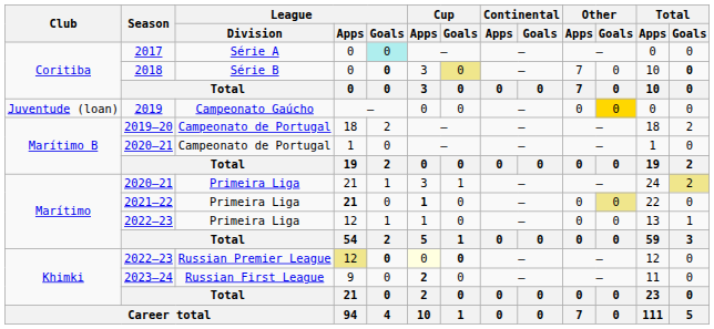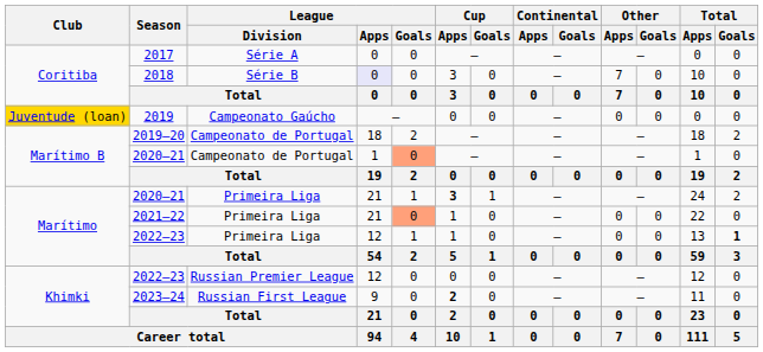 <table class="wikitable" style="text-align: center;">
 <tr>
 <th rowspan=2>Club</th>
 <th rowspan=2>Season</th>
 <th colspan=3>League</th>
 <th colspan=2>Cup</th>
 <th colspan=2>Continental</th>
 <th colspan=2>Other</th>
 <th colspan=2>Total</th>
 </tr>
 <tr>
 <th>Division</th>
 <th>Apps</th>
 <th>Goals</th>
 <th>Apps</th>
 <th>Goals</th>
 <th>Apps</th>
 <th>Goals</th>
 <th>Apps</th>
 <th>Goals</th>
 <th>Apps</th>
 <th>Goals</th>
 </tr>
 <tr>
 <td rowspan="3"><a href='#'>Coritiba</a></td>
 <td><a href='#'>2017</a></td>
 <td><a href='#'>Série A</a></td>
 <td>0</td>
-<td style="background: paleturquoise;">0</td>
+<td>0</td>
 <td colspan=2>–</td>
 <td colspan=2>–</td>
 <td colspan=2>–</td>
 <td>0</td>
 <td>0</td>
 </tr>
 <tr>
 <td><a href='#'>2018</a></td>
 <td><a href='#'>Série B</a></td>
+<td style="background: lavender;">0</td>
 <td>0</td>
-<td><strong>0</strong></td>
 <td>3</td>
-<td style="background: khaki;">0</td>
+<td>0</td>
 <td colspan=2>–</td>
 <td>7</td>
 <td>0</td>
 <td>10</td>
-<td><strong>0</strong></td>
+<td>0</td>
 </tr>
 <tr>
 <th colspan=2>Total</th>
 <th>0</th>
 <th>0</th>
 <th>3</th>
 <th>0</th>
 <th>0</th>
 <th>0</th>
 <th>7</th>
 <th>0</th>
 <th>10</th>
 <th>0</th>
 </tr>
 <tr>
-<td><a href='#'>Juventude</a> (loan)</td>
+<td style="background: gold;"><a href='#'>Juventude</a> (loan)</td>
 <td><a href='#'>2019</a></td>
 <td><a href='#'>Campeonato Gaúcho</a></td>
 <td colspan=2>–</td>
 <td>0</td>
 <td>0</td>
 <td colspan=2>–</td>
 <td>0</td>
-<td style="background: gold;">0</td>
+<td>0</td>
 <td>0</td>
 <td>0</td>
 </tr>
 <tr>
 <td rowspan="3"><a href='#'>Marítimo B</a></td>
 <td><a href='#'>2019–20</a></td>
 <td><a href='#'>Campeonato de Portugal</a></td>
 <td>18</td>
 <td>2</td>
 <td colspan=2>–</td>
 <td colspan=2>–</td>
 <td colspan=2>–</td>
 <td>18</td>
 <td>2</td>
 </tr>
 <tr>
 <td><a href='#'>2020–21</a></td>
 <td>Campeonato de Portugal</td>
 <td>1</td>
-<td>0</td>
+<td style="background: lightsalmon;">0</td>
 <td colspan=2>–</td>
 <td colspan=2>–</td>
 <td colspan=2>–</td>
 <td>1</td>
 <td>0</td>
 </tr>
 <tr>
 <th colspan=2>Total</th>
 <th>19</th>
 <th>2</th>
 <th>0</th>
 <th>0</th>
 <th>0</th>
 <th>0</th>
 <th>0</th>
 <th>0</th>
 <th>19</th>
 <th>2</th>
 </tr>
 <tr>
 <td rowspan="4"><a href='#'>Marítimo</a></td>
 <td><a href='#'>2020–21</a></td>
 <td><a href='#'>Primeira Liga</a></td>
 <td>21</td>
 <td>1</td>
-<td>3</td>
+<td><strong>3</strong></td>
 <td>1</td>
 <td colspan=2>–</td>
 <td colspan=2>–</td>
 <td>24</td>
-<td style="background: khaki;">2</td>
+<td>2</td>
 </tr>
 <tr>
 <td><a href='#'>2021–22</a></td>
 <td>Primeira Liga</td>
-<td><strong>21</strong></td>
-<td>0</td>
-<td><strong>1</strong></td>
+<td>21</td>
+<td style="background: lightsalmon;">0</td>
+<td>1</td>
 <td>0</td>
 <td colspan=2>–</td>
 <td>0</td>
-<td style="background: khaki;">0</td>
+<td>0</td>
 <td>22</td>
 <td>0</td>
 </tr>
 <tr>
 <td><a href='#'>2022–23</a></td>
 <td>Primeira Liga</td>
 <td>12</td>
 <td>1</td>
 <td>1</td>
 <td>0</td>
 <td colspan=2>–</td>
 <td>0</td>
 <td>0</td>
 <td>13</td>
-<td>1</td>
+<td><strong>1</strong></td>
 </tr>
 <tr>
 <th colspan=2>Total</th>
 <th>54</th>
 <th>2</th>
 <th>5</th>
 <th>1</th>
 <th>0</th>
 <th>0</th>
 <th>0</th>
 <th>0</th>
 <th>59</th>
 <th>3</th>
 </tr>
 <tr>
 <td rowspan="3"><a href='#'>Khimki</a></td>
 <td><a href='#'>2022–23</a></td>
 <td><a href='#'>Russian Premier League</a></td>
-<td style="background: khaki;">12</td>
-<td><strong>0</strong></td>
-<td style="background: lightyellow;">0</td>
-<td><strong>0</strong></td>
+<td>12</td>
+<td>0</td>
+<td>0</td>
+<td>0</td>
 <td colspan=2>–</td>
 <td colspan=2>–</td>
 <td>12</td>
 <td>0</td>
 </tr>
 <tr>
 <td><a href='#'>2023–24</a></td>
 <td><a href='#'>Russian First League</a></td>
 <td>9</td>
 <td>0</td>
 <td><strong>2</strong></td>
 <td>0</td>
 <td colspan=2>–</td>
 <td colspan=2>–</td>
 <td>11</td>
 <td>0</td>
 </tr>
 <tr>
 <th colspan=2>Total</th>
 <th>21</th>
 <th>0</th>
 <th>2</th>
 <th>0</th>
 <th>0</th>
 <th>0</th>
 <th>0</th>
 <th>0</th>
 <th>23</th>
 <th>0</th>
 </tr>
 <tr>
 <th colspan=3>Career total</th>
 <th>94</th>
 <th>4</th>
 <th>10</th>
 <th>1</th>
 <th>0</th>
 <th>0</th>
 <th>7</th>
 <th>0</th>
 <th>111</th>
 <th>5</th>
 </tr>
 </table>
